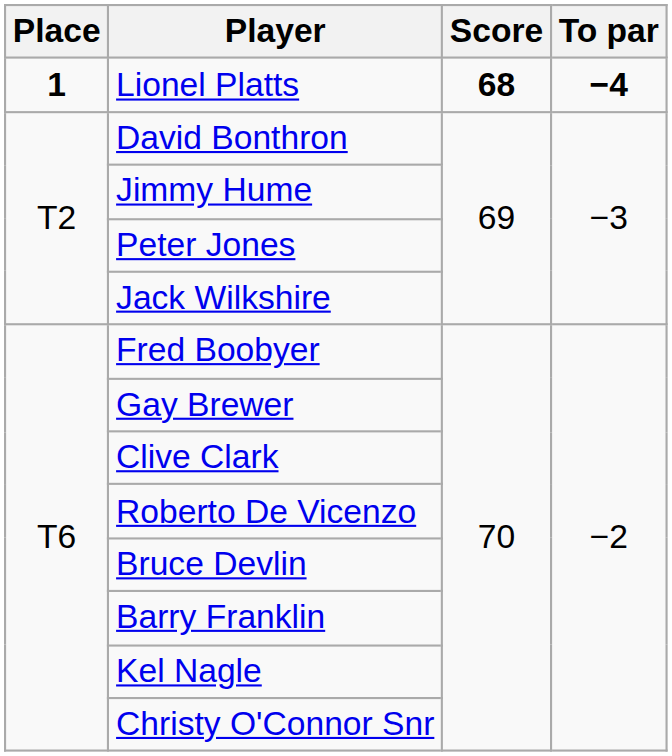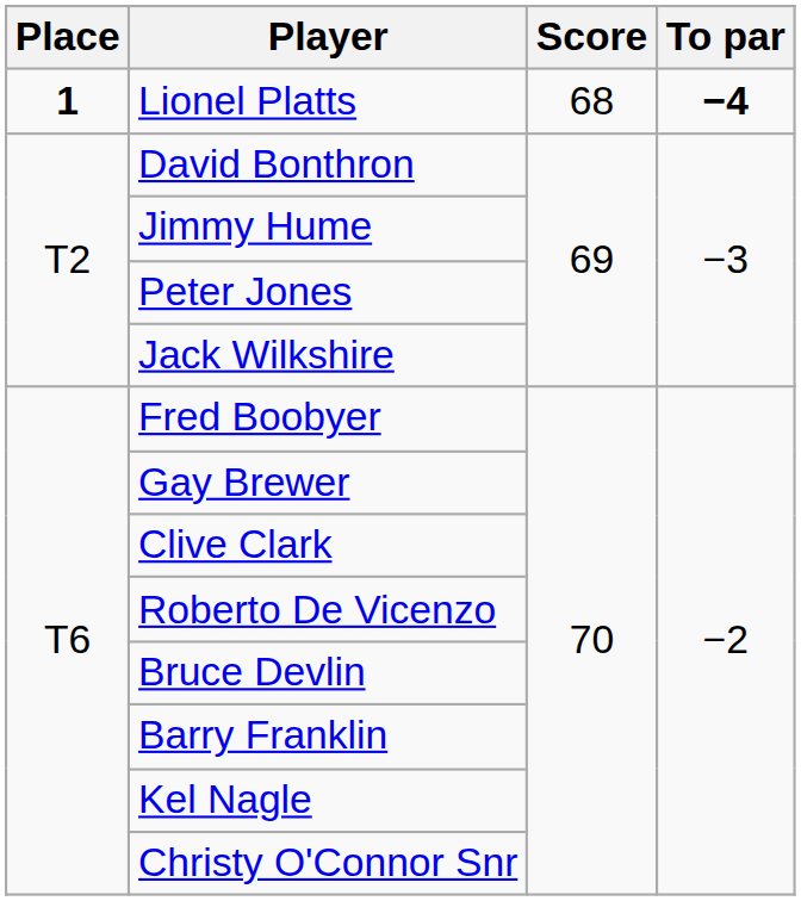 <table class="wikitable">
 <tr>
 <th>Place</th>
 <th>Player</th>
 <th>Score</th>
 <th>To par</th>
 </tr>
 <tr>
 <td align=center><strong>1</strong></td>
 <td> <a href='#'>Lionel Platts</a></td>
-<td align=center><strong>68</strong></td>
+<td align=center>68</td>
 <td align=center><strong>−4</strong></td>
 </tr>
 <tr>
 <td rowspan="4" align=center>T2</td>
 <td> <a href='#'>David Bonthron</a></td>
 <td rowspan="4" align=center>69</td>
 <td rowspan="4" align=center>−3</td>
 </tr>
 <tr>
 <td> <a href='#'>Jimmy Hume</a></td>
 </tr>
 <tr>
 <td> <a href='#'>Peter Jones</a></td>
 </tr>
 <tr>
 <td> <a href='#'>Jack Wilkshire</a></td>
 </tr>
 <tr>
 <td rowspan="8" align=center>T6</td>
 <td> <a href='#'>Fred Boobyer</a></td>
 <td rowspan="8" align=center>70</td>
 <td rowspan="8" align=center>−2</td>
 </tr>
 <tr>
 <td> <a href='#'>Gay Brewer</a></td>
 </tr>
 <tr>
 <td> <a href='#'>Clive Clark</a></td>
 </tr>
 <tr>
 <td> <a href='#'>Roberto De Vicenzo</a></td>
 </tr>
 <tr>
 <td> <a href='#'>Bruce Devlin</a></td>
 </tr>
 <tr>
 <td> <a href='#'>Barry Franklin</a></td>
 </tr>
 <tr>
 <td> <a href='#'>Kel Nagle</a></td>
 </tr>
 <tr>
 <td> <a href='#'>Christy O'Connor Snr</a></td>
 </tr>
 </table>
